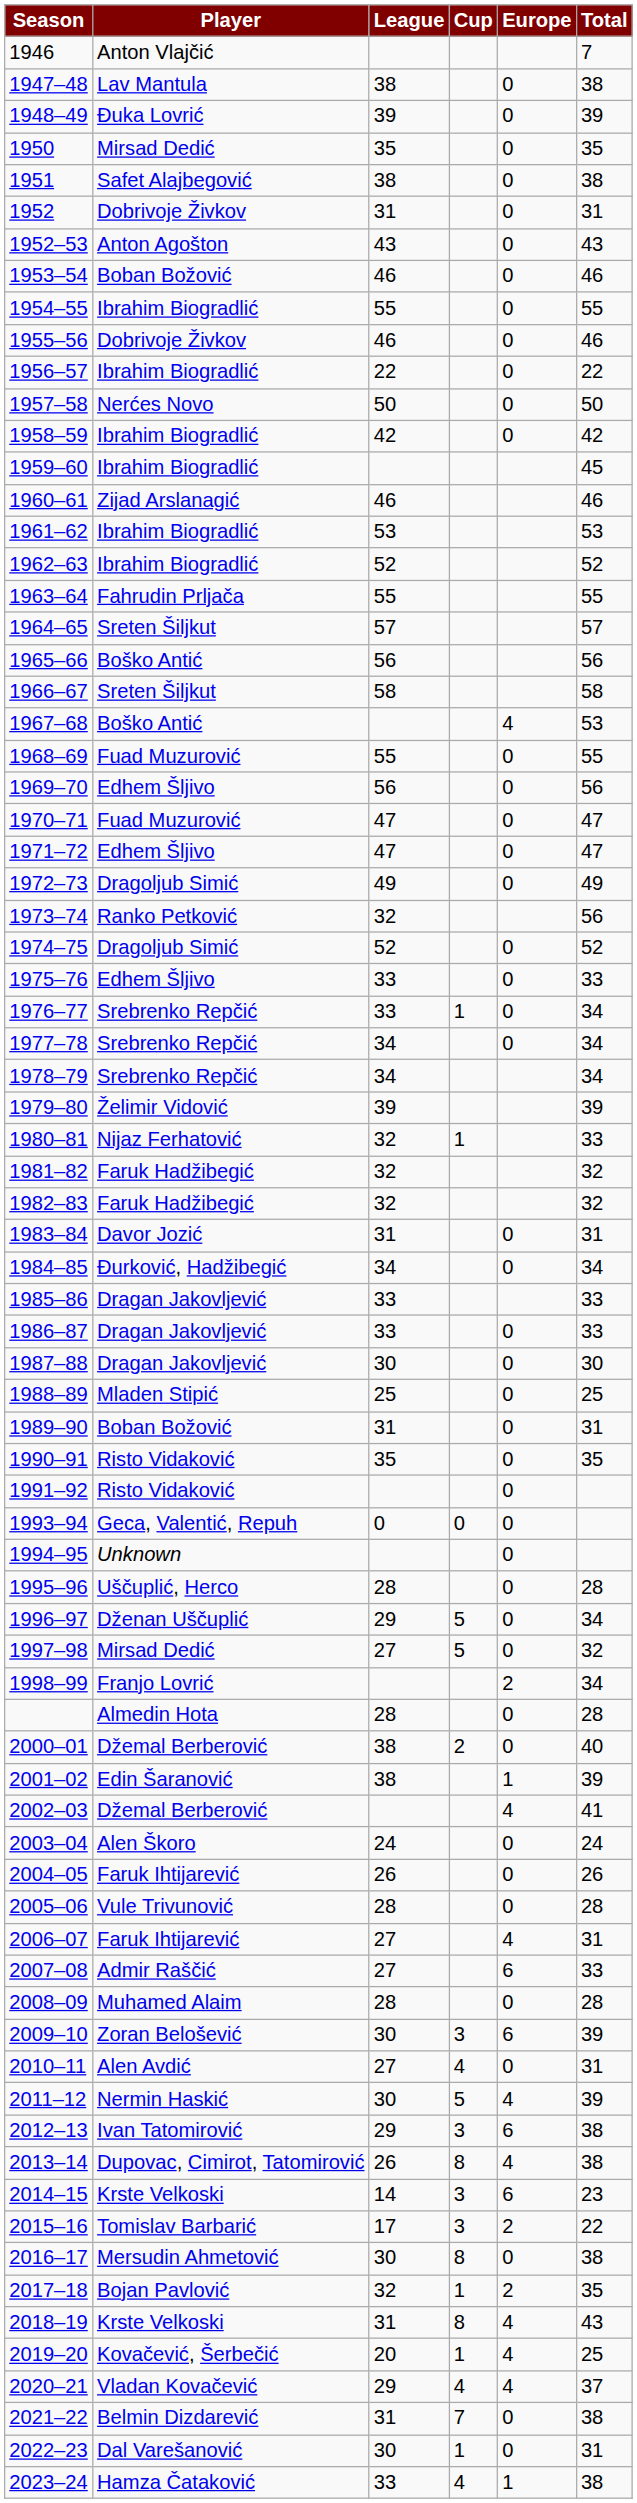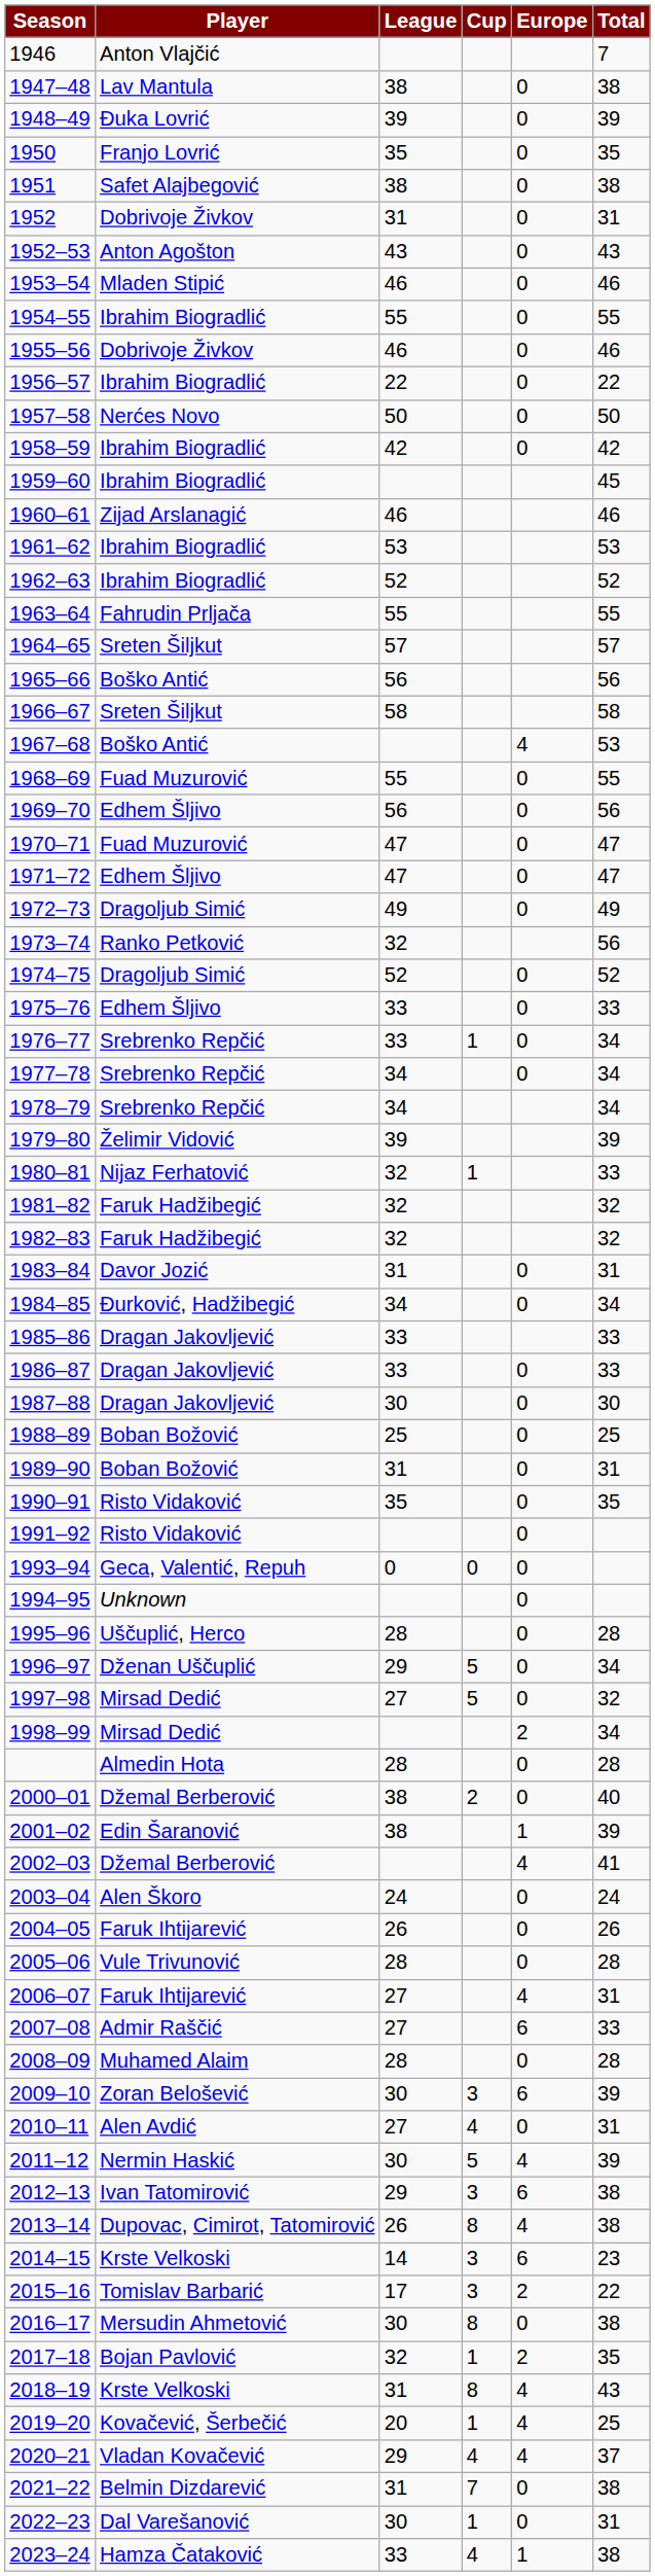 <table class="wikitable">
 <tr>
 <th style="color:#FFFFFF;background:#800000;">Season</th>
 <th style="color:#FFFFFF;background:#800000;">Player</th>
 <th style="color:#FFFFFF;background:#800000;">League</th>
 <th style="color:#FFFFFF;background:#800000;">Cup</th>
 <th style="color:#FFFFFF;background:#800000;">Europe</th>
 <th style="color:#FFFFFF;background:#800000;">Total</th>
 </tr>
 <tr>
 <td>1946</td>
 <td> Anton Vlajčić</td>
 <td></td>
 <td></td>
 <td></td>
 <td>7</td>
 </tr>
 <tr>
 <td><a href='#'>1947–48</a></td>
 <td> <a href='#'>Lav Mantula</a></td>
 <td>38</td>
 <td></td>
 <td>0</td>
 <td>38</td>
 </tr>
 <tr>
 <td><a href='#'>1948–49</a></td>
 <td> <a href='#'>Đuka Lovrić</a></td>
 <td>39</td>
 <td></td>
 <td>0</td>
 <td>39</td>
 </tr>
 <tr>
 <td><a href='#'>1950</a></td>
-<td> <a href='#'>Mirsad Dedić</a></td>
+<td> <a href='#'>Franjo Lovrić</a></td>
 <td>35</td>
 <td></td>
 <td>0</td>
 <td>35</td>
 </tr>
 <tr>
 <td><a href='#'>1951</a></td>
 <td> <a href='#'>Safet Alajbegović</a></td>
 <td>38</td>
 <td></td>
 <td>0</td>
 <td>38</td>
 </tr>
 <tr>
 <td><a href='#'>1952</a></td>
 <td> <a href='#'>Dobrivoje Živkov</a></td>
 <td>31</td>
 <td></td>
 <td>0</td>
 <td>31</td>
 </tr>
 <tr>
 <td><a href='#'>1952–53</a></td>
 <td> <a href='#'>Anton Agošton</a></td>
 <td>43</td>
 <td></td>
 <td>0</td>
 <td>43</td>
 </tr>
 <tr>
 <td><a href='#'>1953–54</a></td>
-<td> <a href='#'>Boban Božović</a></td>
+<td> <a href='#'>Mladen Stipić</a></td>
 <td>46</td>
 <td></td>
 <td>0</td>
 <td>46</td>
 </tr>
 <tr>
 <td><a href='#'>1954–55</a></td>
 <td> <a href='#'>Ibrahim Biogradlić</a></td>
 <td>55</td>
 <td></td>
 <td>0</td>
 <td>55</td>
 </tr>
 <tr>
 <td><a href='#'>1955–56</a></td>
 <td> <a href='#'>Dobrivoje Živkov</a></td>
 <td>46</td>
 <td></td>
 <td>0</td>
 <td>46</td>
 </tr>
 <tr>
 <td><a href='#'>1956–57</a></td>
 <td> <a href='#'>Ibrahim Biogradlić</a></td>
 <td>22</td>
 <td></td>
 <td>0</td>
 <td>22</td>
 </tr>
 <tr>
 <td><a href='#'>1957–58</a></td>
 <td> <a href='#'>Nerćes Novo</a></td>
 <td>50</td>
 <td></td>
 <td>0</td>
 <td>50</td>
 </tr>
 <tr>
 <td><a href='#'>1958–59</a></td>
 <td> <a href='#'>Ibrahim Biogradlić</a></td>
 <td>42</td>
 <td></td>
 <td>0</td>
 <td>42</td>
 </tr>
 <tr>
 <td><a href='#'>1959–60</a></td>
 <td> <a href='#'>Ibrahim Biogradlić</a></td>
 <td></td>
 <td></td>
 <td></td>
 <td>45</td>
 </tr>
 <tr>
 <td><a href='#'>1960–61</a></td>
 <td> <a href='#'>Zijad Arslanagić</a></td>
 <td>46</td>
 <td></td>
 <td></td>
 <td>46</td>
 </tr>
 <tr>
 <td><a href='#'>1961–62</a></td>
 <td> <a href='#'>Ibrahim Biogradlić</a></td>
 <td>53</td>
 <td></td>
 <td></td>
 <td>53</td>
 </tr>
 <tr>
 <td><a href='#'>1962–63</a></td>
 <td> <a href='#'>Ibrahim Biogradlić</a></td>
 <td>52</td>
 <td></td>
 <td></td>
 <td>52</td>
 </tr>
 <tr>
 <td><a href='#'>1963–64</a></td>
 <td> <a href='#'>Fahrudin Prljača</a></td>
 <td>55</td>
 <td></td>
 <td></td>
 <td>55</td>
 </tr>
 <tr>
 <td><a href='#'>1964–65</a></td>
 <td> <a href='#'>Sreten Šiljkut</a></td>
 <td>57</td>
 <td></td>
 <td></td>
 <td>57</td>
 </tr>
 <tr>
 <td><a href='#'>1965–66</a></td>
 <td> <a href='#'>Boško Antić</a></td>
 <td>56</td>
 <td></td>
 <td></td>
 <td>56</td>
 </tr>
 <tr>
 <td><a href='#'>1966–67</a></td>
 <td> <a href='#'>Sreten Šiljkut</a></td>
 <td>58</td>
 <td></td>
 <td></td>
 <td>58</td>
 </tr>
 <tr>
 <td><a href='#'>1967–68</a></td>
 <td> <a href='#'>Boško Antić</a></td>
 <td></td>
 <td></td>
 <td>4</td>
 <td>53</td>
 </tr>
 <tr>
 <td><a href='#'>1968–69</a></td>
 <td> <a href='#'>Fuad Muzurović</a></td>
 <td>55</td>
 <td></td>
 <td>0</td>
 <td>55</td>
 </tr>
 <tr>
 <td><a href='#'>1969–70</a></td>
 <td> <a href='#'>Edhem Šljivo</a></td>
 <td>56</td>
 <td></td>
 <td>0</td>
 <td>56</td>
 </tr>
 <tr>
 <td><a href='#'>1970–71</a></td>
 <td> <a href='#'>Fuad Muzurović</a></td>
 <td>47</td>
 <td></td>
 <td>0</td>
 <td>47</td>
 </tr>
 <tr>
 <td><a href='#'>1971–72</a></td>
 <td> <a href='#'>Edhem Šljivo</a></td>
 <td>47</td>
 <td></td>
 <td>0</td>
 <td>47</td>
 </tr>
 <tr>
 <td><a href='#'>1972–73</a></td>
 <td> <a href='#'>Dragoljub Simić</a></td>
 <td>49</td>
 <td></td>
 <td>0</td>
 <td>49</td>
 </tr>
 <tr>
 <td><a href='#'>1973–74</a></td>
 <td> <a href='#'>Ranko Petković</a></td>
 <td>32</td>
 <td></td>
 <td></td>
 <td>56</td>
 </tr>
 <tr>
 <td><a href='#'>1974–75</a></td>
 <td> <a href='#'>Dragoljub Simić</a></td>
 <td>52</td>
 <td></td>
 <td>0</td>
 <td>52</td>
 </tr>
 <tr>
 <td><a href='#'>1975–76</a></td>
 <td> <a href='#'>Edhem Šljivo</a></td>
 <td>33</td>
 <td></td>
 <td>0</td>
 <td>33</td>
 </tr>
 <tr>
 <td><a href='#'>1976–77</a></td>
 <td> <a href='#'>Srebrenko Repčić</a></td>
 <td>33</td>
 <td>1</td>
 <td>0</td>
 <td>34</td>
 </tr>
 <tr>
 <td><a href='#'>1977–78</a></td>
 <td> <a href='#'>Srebrenko Repčić</a></td>
 <td>34</td>
 <td></td>
 <td>0</td>
 <td>34</td>
 </tr>
 <tr>
 <td><a href='#'>1978–79</a></td>
 <td> <a href='#'>Srebrenko Repčić</a></td>
 <td>34</td>
 <td></td>
 <td></td>
 <td>34</td>
 </tr>
 <tr>
 <td><a href='#'>1979–80</a></td>
 <td> <a href='#'>Želimir Vidović</a></td>
 <td>39</td>
 <td></td>
 <td></td>
 <td>39</td>
 </tr>
 <tr>
 <td><a href='#'>1980–81</a></td>
 <td> <a href='#'>Nijaz Ferhatović</a></td>
 <td>32</td>
 <td>1</td>
 <td></td>
 <td>33</td>
 </tr>
 <tr>
 <td><a href='#'>1981–82</a></td>
 <td> <a href='#'>Faruk Hadžibegić</a></td>
 <td>32</td>
 <td></td>
 <td></td>
 <td>32</td>
 </tr>
 <tr>
 <td><a href='#'>1982–83</a></td>
 <td> <a href='#'>Faruk Hadžibegić</a></td>
 <td>32</td>
 <td></td>
 <td></td>
 <td>32</td>
 </tr>
 <tr>
 <td><a href='#'>1983–84</a></td>
 <td> <a href='#'>Davor Jozić</a></td>
 <td>31</td>
 <td></td>
 <td>0</td>
 <td>31</td>
 </tr>
 <tr>
 <td><a href='#'>1984–85</a></td>
 <td> <a href='#'>Đurković</a>, <a href='#'>Hadžibegić</a></td>
 <td>34</td>
 <td></td>
 <td>0</td>
 <td>34</td>
 </tr>
 <tr>
 <td><a href='#'>1985–86</a></td>
 <td> <a href='#'>Dragan Jakovljević</a></td>
 <td>33</td>
 <td></td>
 <td></td>
 <td>33</td>
 </tr>
 <tr>
 <td><a href='#'>1986–87</a></td>
 <td> <a href='#'>Dragan Jakovljević</a></td>
 <td>33</td>
 <td></td>
 <td>0</td>
 <td>33</td>
 </tr>
 <tr>
 <td><a href='#'>1987–88</a></td>
 <td> <a href='#'>Dragan Jakovljević</a></td>
 <td>30</td>
 <td></td>
 <td>0</td>
 <td>30</td>
 </tr>
 <tr>
 <td><a href='#'>1988–89</a></td>
-<td> <a href='#'>Mladen Stipić</a></td>
+<td> <a href='#'>Boban Božović</a></td>
 <td>25</td>
 <td></td>
 <td>0</td>
 <td>25</td>
 </tr>
 <tr>
 <td><a href='#'>1989–90</a></td>
 <td> <a href='#'>Boban Božović</a></td>
 <td>31</td>
 <td></td>
 <td>0</td>
 <td>31</td>
 </tr>
 <tr>
 <td><a href='#'>1990–91</a></td>
 <td> <a href='#'>Risto Vidaković</a></td>
 <td>35</td>
 <td></td>
 <td>0</td>
 <td>35</td>
 </tr>
 <tr>
 <td><a href='#'>1991–92</a></td>
 <td> <a href='#'>Risto Vidaković</a></td>
 <td></td>
 <td></td>
 <td>0</td>
 <td></td>
 </tr>
 <tr>
 <td><a href='#'>1993–94</a></td>
 <td> <a href='#'>Geca</a>, <a href='#'>Valentić</a>, <a href='#'>Repuh</a></td>
 <td>0</td>
 <td>0</td>
 <td>0</td>
 <td></td>
 </tr>
 <tr>
 <td><a href='#'>1994–95</a></td>
 <td><em>Unknown</em></td>
 <td></td>
 <td></td>
 <td>0</td>
 <td></td>
 </tr>
 <tr>
 <td><a href='#'>1995–96</a></td>
 <td> <a href='#'>Uščuplić</a>, <a href='#'>Herco</a></td>
 <td>28</td>
 <td></td>
 <td>0</td>
 <td>28</td>
 </tr>
 <tr>
 <td><a href='#'>1996–97</a></td>
 <td> <a href='#'>Dženan Uščuplić</a></td>
 <td>29</td>
 <td>5</td>
 <td>0</td>
 <td>34</td>
 </tr>
 <tr>
 <td><a href='#'>1997–98</a></td>
 <td> <a href='#'>Mirsad Dedić</a></td>
 <td>27</td>
 <td>5</td>
 <td>0</td>
 <td>32</td>
 </tr>
 <tr>
 <td><a href='#'>1998–99</a></td>
-<td> <a href='#'>Franjo Lovrić</a></td>
+<td> <a href='#'>Mirsad Dedić</a></td>
 <td></td>
 <td></td>
 <td>2</td>
 <td>34</td>
 </tr>
 <tr>
 <td></td>
 <td> <a href='#'>Almedin Hota</a></td>
 <td>28</td>
 <td></td>
 <td>0</td>
 <td>28</td>
 </tr>
 <tr>
 <td><a href='#'>2000–01</a></td>
 <td> <a href='#'>Džemal Berberović</a></td>
 <td>38</td>
 <td>2</td>
 <td>0</td>
 <td>40</td>
 </tr>
 <tr>
 <td><a href='#'>2001–02</a></td>
 <td> <a href='#'>Edin Šaranović</a></td>
 <td>38</td>
 <td></td>
 <td>1</td>
 <td>39</td>
 </tr>
 <tr>
 <td><a href='#'>2002–03</a></td>
 <td> <a href='#'>Džemal Berberović</a></td>
 <td></td>
 <td></td>
 <td>4</td>
 <td>41</td>
 </tr>
 <tr>
 <td><a href='#'>2003–04</a></td>
 <td> <a href='#'>Alen Škoro</a></td>
 <td>24</td>
 <td></td>
 <td>0</td>
 <td>24</td>
 </tr>
 <tr>
 <td><a href='#'>2004–05</a></td>
 <td> <a href='#'>Faruk Ihtijarević</a></td>
 <td>26</td>
 <td></td>
 <td>0</td>
 <td>26</td>
 </tr>
 <tr>
 <td><a href='#'>2005–06</a></td>
 <td> <a href='#'>Vule Trivunović</a></td>
 <td>28</td>
 <td></td>
 <td>0</td>
 <td>28</td>
 </tr>
 <tr>
 <td><a href='#'>2006–07</a></td>
 <td> <a href='#'>Faruk Ihtijarević</a></td>
 <td>27</td>
 <td></td>
 <td>4</td>
 <td>31</td>
 </tr>
 <tr>
 <td><a href='#'>2007–08</a></td>
 <td> <a href='#'>Admir Raščić</a></td>
 <td>27</td>
 <td></td>
 <td>6</td>
 <td>33</td>
 </tr>
 <tr>
 <td><a href='#'>2008–09</a></td>
 <td> <a href='#'>Muhamed Alaim</a></td>
 <td>28</td>
 <td></td>
 <td>0</td>
 <td>28</td>
 </tr>
 <tr>
 <td><a href='#'>2009–10</a></td>
 <td> <a href='#'>Zoran Belošević</a></td>
 <td>30</td>
 <td>3</td>
 <td>6</td>
 <td>39</td>
 </tr>
 <tr>
 <td><a href='#'>2010–11</a></td>
 <td> <a href='#'>Alen Avdić</a></td>
 <td>27</td>
 <td>4</td>
 <td>0</td>
 <td>31</td>
 </tr>
 <tr>
 <td><a href='#'>2011–12</a></td>
 <td> <a href='#'>Nermin Haskić</a></td>
 <td>30</td>
 <td>5</td>
 <td>4</td>
 <td>39</td>
 </tr>
 <tr>
 <td><a href='#'>2012–13</a></td>
 <td> <a href='#'>Ivan Tatomirović</a></td>
 <td>29</td>
 <td>3</td>
 <td>6</td>
 <td>38</td>
 </tr>
 <tr>
 <td><a href='#'>2013–14</a></td>
 <td> <a href='#'>Dupovac</a>, <a href='#'>Cimirot</a>,  <a href='#'>Tatomirović</a></td>
 <td>26</td>
 <td>8</td>
 <td>4</td>
 <td>38</td>
 </tr>
 <tr>
 <td><a href='#'>2014–15</a></td>
 <td> <a href='#'>Krste Velkoski</a></td>
 <td>14</td>
 <td>3</td>
 <td>6</td>
 <td>23</td>
 </tr>
 <tr>
 <td><a href='#'>2015–16</a></td>
 <td> <a href='#'>Tomislav Barbarić</a></td>
 <td>17</td>
 <td>3</td>
 <td>2</td>
 <td>22</td>
 </tr>
 <tr>
 <td><a href='#'>2016–17</a></td>
 <td> <a href='#'>Mersudin Ahmetović</a></td>
 <td>30</td>
 <td>8</td>
 <td>0</td>
 <td>38</td>
 </tr>
 <tr>
 <td><a href='#'>2017–18</a></td>
 <td> <a href='#'>Bojan Pavlović</a></td>
 <td>32</td>
 <td>1</td>
 <td>2</td>
 <td>35</td>
 </tr>
 <tr>
 <td><a href='#'>2018–19</a></td>
 <td> <a href='#'>Krste Velkoski</a></td>
 <td>31</td>
 <td>8</td>
 <td>4</td>
 <td>43</td>
 </tr>
 <tr>
 <td><a href='#'>2019–20</a></td>
 <td> <a href='#'>Kovačević</a>, <a href='#'>Šerbečić</a></td>
 <td>20</td>
 <td>1</td>
 <td>4</td>
 <td>25</td>
 </tr>
 <tr>
 <td><a href='#'>2020–21</a></td>
 <td> <a href='#'>Vladan Kovačević</a></td>
 <td>29</td>
 <td>4</td>
 <td>4</td>
 <td>37</td>
 </tr>
 <tr>
 <td><a href='#'>2021–22</a></td>
 <td> <a href='#'>Belmin Dizdarević</a></td>
 <td>31</td>
 <td>7</td>
 <td>0</td>
 <td>38</td>
 </tr>
 <tr>
 <td><a href='#'>2022–23</a></td>
 <td> <a href='#'>Dal Varešanović</a></td>
 <td>30</td>
 <td>1</td>
 <td>0</td>
 <td>31</td>
 </tr>
 <tr>
 <td><a href='#'>2023–24</a></td>
 <td> <a href='#'>Hamza Čataković</a></td>
 <td>33</td>
 <td>4</td>
 <td>1</td>
 <td>38</td>
 </tr>
 </table>
